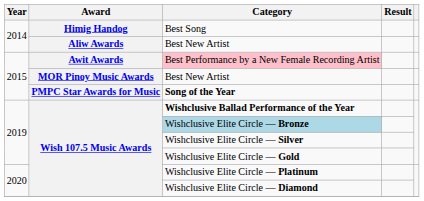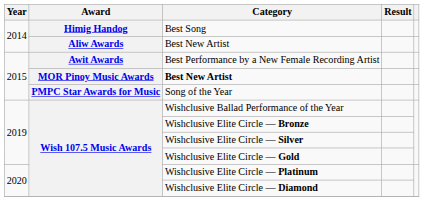 <table class="wikitable sortable plainrowheaders">
 <tr>
 <th>Year</th>
 <th>Award</th>
 <th>Category</th>
 <th>Result</th>
 <th></th>
 </tr>
 <tr>
 <td rowspan="2">2014</td>
 <th scope="row"><a href='#'>Himig Handog</a></th>
 <td>Best Song</td>
 <td></td>
 <td style="text-align:center;"></td>
 </tr>
 <tr>
 <th scope="row"><a href='#'>Aliw Awards</a></th>
 <td>Best New Artist</td>
 <td></td>
 <td style="text-align:center;"></td>
 </tr>
 <tr>
 <td rowspan="3">2015</td>
 <th scope="row"><a href='#'>Awit Awards</a></th>
-<td style="background: pink;">Best Performance by a New Female Recording Artist</td>
+<td>Best Performance by a New Female Recording Artist</td>
 <td></td>
 <td style="text-align:center;"></td>
 </tr>
 <tr>
 <th scope="row"><a href='#'>MOR Pinoy Music Awards</a></th>
-<td>Best New Artist</td>
+<td><strong>Best New Artist</strong></td>
 <td></td>
 <td style="text-align:center;"></td>
 </tr>
 <tr>
 <th scope="row"><a href='#'>PMPC Star Awards for Music</a></th>
-<td><strong>Song of the Year</strong></td>
+<td>Song of the Year</td>
 <td></td>
 <td style="text-align:center;"></td>
 </tr>
 <tr>
 <td rowspan="4">2019</td>
 <th scope="row" rowspan="6"><a href='#'>Wish 107.5 Music Awards</a></th>
-<td><strong>Wishclusive Ballad Performance of the Year</strong></td>
+<td>Wishclusive Ballad Performance of the Year</td>
 <td></td>
 <td rowspan="4" style="text-align:center;"><br></td>
 </tr>
 <tr>
-<td style="background: lightblue;">Wishclusive Elite Circle — <strong>Bronze</strong></td>
+<td>Wishclusive Elite Circle — <strong>Bronze</strong></td>
 <td></td>
 </tr>
 <tr>
 <td>Wishclusive Elite Circle — <strong>Silver</strong></td>
 <td></td>
 </tr>
 <tr>
 <td>Wishclusive Elite Circle — <strong>Gold</strong></td>
 <td></td>
 </tr>
 <tr>
 <td rowspan="2">2020</td>
 <td>Wishclusive Elite Circle — <strong>Platinum</strong></td>
 <td></td>
 <td rowspan="2" style="text-align:center;"></td>
 </tr>
 <tr>
 <td>Wishclusive Elite Circle — <strong>Diamond</strong></td>
 <td></td>
 </tr>
 <tr>
 </tr>
 </table>
